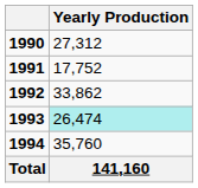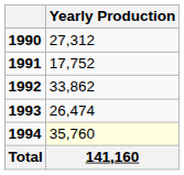 <table class="wikitable">
 <tr>
 <th></th>
 <th>Yearly Production</th>
 </tr>
 <tr>
 <td><strong>1990</strong></td>
 <td>27,312</td>
 </tr>
 <tr>
 <td><strong>1991</strong></td>
 <td>17,752</td>
 </tr>
 <tr>
 <td><strong>1992</strong></td>
 <td>33,862</td>
 </tr>
 <tr>
 <td><strong>1993</strong></td>
-<td style="background: paleturquoise;">26,474</td>
+<td>26,474</td>
 </tr>
 <tr>
 <td><strong>1994</strong></td>
-<td>35,760</td>
+<td style="background: lightyellow;">35,760</td>
 </tr>
 <tr>
 <th>Total</th>
 <th><u>141,160</u></th>
 </tr>
 </table>
